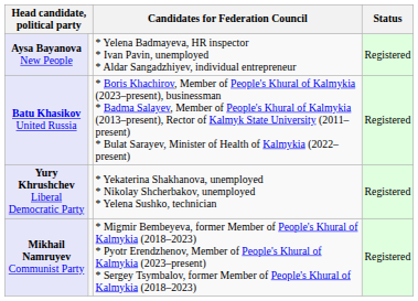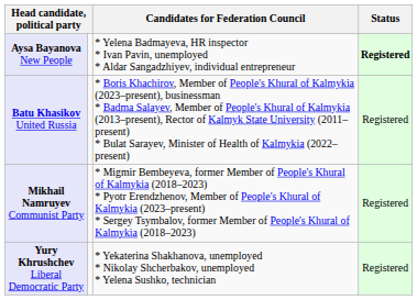 <table class="wikitable" style="text-align:center;">
 <tr>
 <th colspan="2">Head candidate,<br>political party</th>
 <th>Candidates for Federation Council</th>
 <th>Status</th>
 </tr>
 <tr>
 <td style="background:lavender;"><strong>Aysa Bayanova</strong><br><a href='#'>New People</a></td>
 <td style="background-color:"></td>
 <td align=left>* Yelena Badmayeva, HR inspector<br> * Ivan Pavin, unemployed<br> * Aldar Sangadzhiyev, individual entrepreneur</td>
-<td bgcolor="#DFFFDF">Registered</td>
+<td bgcolor="#DFFFDF"><strong>Registered</strong></td>
 </tr>
 <tr>
 <td style="background:lavender;"><strong><a href='#'>Batu Khasikov</a></strong><br><a href='#'>United Russia</a></td>
 <td style="background-color:"></td>
 <td align=left>* <a href='#'>Boris Khachirov</a>, Member of <a href='#'>People's Khural of Kalmykia</a> (2023–present), businessman<br> * <a href='#'>Badma Salayev</a>, Member of <a href='#'>People's Khural of Kalmykia</a> (2013–present), Rector of <a href='#'>Kalmyk State University</a> (2011–present)<br> * Bulat Sarayev, Minister of Health of <a href='#'>Kalmykia</a> (2022–present)</td>
 <td bgcolor="#DFFFDF">Registered</td>
 </tr>
 <tr>
+<td style="background:lavender;"><strong>Mikhail Namruyev</strong><br><a href='#'>Communist Party</a></td>
+<td style="background-color:"></td>
+<td align=left>* Migmir Bembeyeva, former Member of <a href='#'>People's Khural of Kalmykia</a> (2018–2023)<br> * Pyotr Erendzhenov, Member of <a href='#'>People's Khural of Kalmykia</a> (2023–present)<br> * Sergey Tsymbalov, former Member of <a href='#'>People's Khural of Kalmykia</a> (2018–2023)</td>
+<td bgcolor="#DFFFDF">Registered</td>
+</tr>
+<tr>
 <td style="background:lavender;"><strong>Yury Khrushchev</strong><br><a href='#'>Liberal Democratic Party</a></td>
 <td style="background-color:"></td>
 <td align=left>* Yekaterina Shakhanova, unemployed<br> * Nikolay Shcherbakov, unemployed<br> * Yelena Sushko, technician</td>
 <td bgcolor="#DFFFDF">Registered</td>
 </tr>
-<tr>
-<td style="background:lavender;"><strong>Mikhail Namruyev</strong><br><a href='#'>Communist Party</a></td>
-<td style="background-color:"></td>
-<td align=left>* Migmir Bembeyeva, former Member of <a href='#'>People's Khural of Kalmykia</a> (2018–2023)<br> * Pyotr Erendzhenov, Member of <a href='#'>People's Khural of Kalmykia</a> (2023–present)<br> * Sergey Tsymbalov, former Member of <a href='#'>People's Khural of Kalmykia</a> (2018–2023)</td>
-<td bgcolor="#DFFFDF">Registered</td>
-</tr>
 </table>
